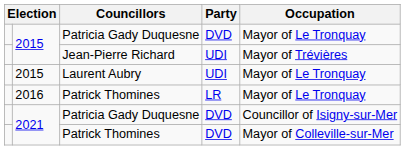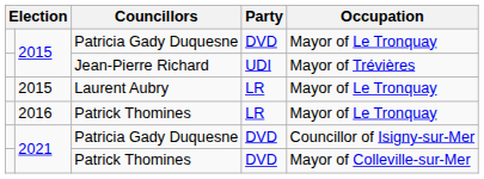 <table class="wikitable">
 <tr>
 <th colspan="2">Election</th>
 <th>Councillors</th>
 <th>Party</th>
 <th>Occupation</th>
 </tr>
 <tr>
 <td style="background-color: "></td>
 <td rowspan="2"><a href='#'>2015</a></td>
 <td>Patricia Gady Duquesne</td>
 <td><a href='#'>DVD</a></td>
 <td>Mayor of <a href='#'>Le Tronquay</a></td>
 </tr>
 <tr>
 <td style="background-color: "></td>
 <td>Jean-Pierre Richard</td>
 <td><a href='#'>UDI</a></td>
 <td>Mayor of <a href='#'>Trévières</a></td>
 </tr>
 <tr>
 <td style="background-color: "></td>
 <td>2015</td>
 <td>Laurent Aubry</td>
-<td><a href='#'>UDI</a></td>
+<td><a href='#'>LR</a></td>
 <td>Mayor of <a href='#'>Le Tronquay</a></td>
 </tr>
 <tr>
 <td style="background-color: "></td>
 <td>2016</td>
 <td>Patrick Thomines</td>
 <td><a href='#'>LR</a></td>
 <td>Mayor of <a href='#'>Le Tronquay</a></td>
 </tr>
 <tr>
 <td style="background-color: "></td>
 <td rowspan="2"><a href='#'>2021</a></td>
 <td>Patricia Gady Duquesne</td>
 <td><a href='#'>DVD</a></td>
 <td>Councillor of <a href='#'>Isigny-sur-Mer</a></td>
 </tr>
 <tr>
 <td style="background-color: "></td>
 <td>Patrick Thomines</td>
 <td><a href='#'>DVD</a></td>
 <td>Mayor of <a href='#'>Colleville-sur-Mer</a></td>
 </tr>
 </table>
